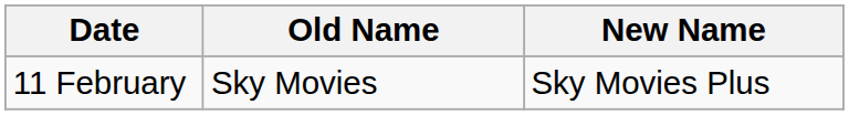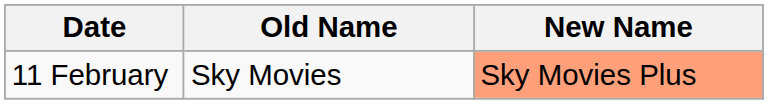 <table class="wikitable">
 <tr>
 <th width=90>Date</th>
 <th width=150>Old Name</th>
 <th width=150>New Name</th>
 </tr>
 <tr>
 <td rowspan="3">11 February</td>
 <td>Sky Movies</td>
-<td>Sky Movies Plus</td>
+<td style="background: lightsalmon;">Sky Movies Plus</td>
 </tr>
 </table>
